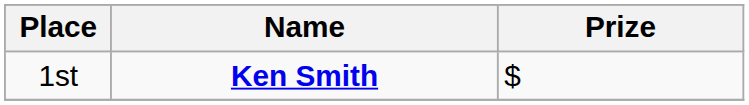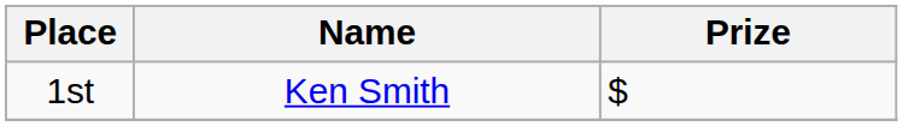 <table class="wikitable">
 <tr>
 <th width="50">Place</th>
 <th width="200">Name</th>
 <th width="125">Prize</th>
 </tr>
 <tr>
 <td align = "center">1st</td>
-<td align = "center"><strong><a href='#'>Ken Smith</a></strong></td>
+<td align = "center"><a href='#'>Ken Smith</a></td>
 <td>$</td>
 </tr>
 <tr>
 </tr>
 </table>
